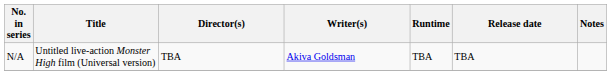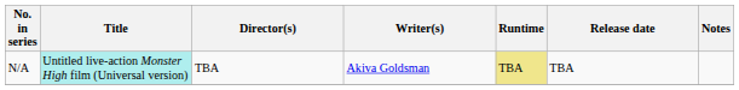 <table class="wikitable sortable">
 <tr>
 <th style="width: 1em;">No. in series</th>
 <th style="width: 12em;">Title</th>
 <th style="width: 12em;">Director(s)</th>
 <th style="width: 12em;">Writer(s)</th>
 <th style="width: 3em;">Runtime</th>
 <th style="width: 12em;">Release date</th>
 <th>Notes</th>
 </tr>
 <tr>
 <td>N/A</td>
-<td>Untitled live-action <em>Monster High</em> film (Universal version)</td>
+<td style="background: paleturquoise;">Untitled live-action <em>Monster High</em> film (Universal version)</td>
 <td>TBA</td>
 <td><a href='#'>Akiva Goldsman</a></td>
-<td>TBA</td>
+<td style="background: khaki;">TBA</td>
 <td>TBA</td>
 <td></td>
 </tr>
 <tr>
 </tr>
 </table>
